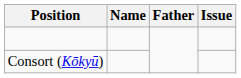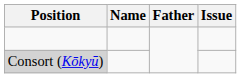 <table class="wikitable">
 <tr>
 <th>Position</th>
 <th>Name</th>
 <th>Father</th>
 <th>Issue</th>
 </tr>
 <tr>
 <td></td>
 <td></td>
 <td rowspan=2></td>
 <td><br></td>
 </tr>
 <tr>
-<td>Consort (<em><a href='#'>Kōkyū</a></em>)</td>
+<td style="background: lightgrey;">Consort (<em><a href='#'>Kōkyū</a></em>)</td>
 <td></td>
 <td><br></td>
 </tr>
 </table>
